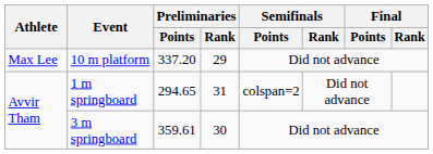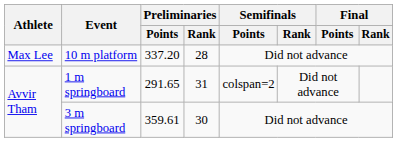 <table class="wikitable" style="text-align:center; font-size:90%; width:50%;">
 <tr>
 <th rowspan=2>Athlete</th>
 <th rowspan=2>Event</th>
 <th colspan=2>Preliminaries</th>
 <th colspan=2>Semifinals</th>
 <th colspan=2>Final</th>
 </tr>
 <tr style="font-size:95%">
 <th>Points</th>
 <th>Rank</th>
 <th>Points</th>
 <th>Rank</th>
 <th>Points</th>
 <th>Rank</th>
 </tr>
 <tr>
 <td align=left><a href='#'>Max Lee</a></td>
 <td align=left><a href='#'>10 m platform</a></td>
 <td>337.20</td>
-<td>29</td>
+<td>28</td>
 <td colspan=4>Did not advance</td>
 </tr>
 <tr>
 <td align=left rowspan=2><a href='#'>Avvir Tham</a></td>
 <td align=left><a href='#'>1 m springboard</a></td>
-<td>294.65</td>
+<td>291.65</td>
 <td>31</td>
 <td>colspan=2 </td>
 <td colspan=2>Did not advance</td>
 </tr>
 <tr>
 <td align=left><a href='#'>3 m springboard</a></td>
 <td>359.61</td>
 <td>30</td>
 <td colspan=4>Did not advance</td>
 </tr>
 </table>
